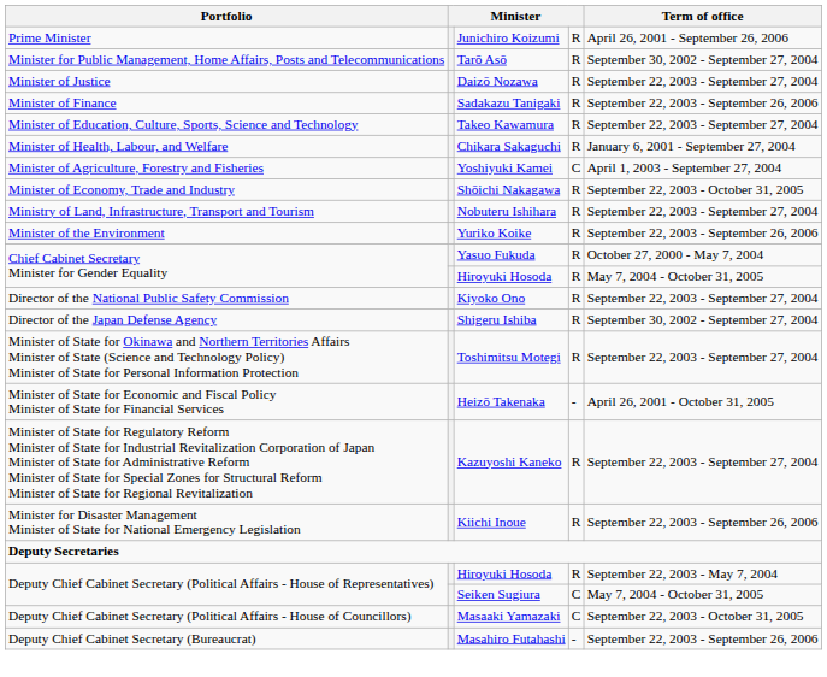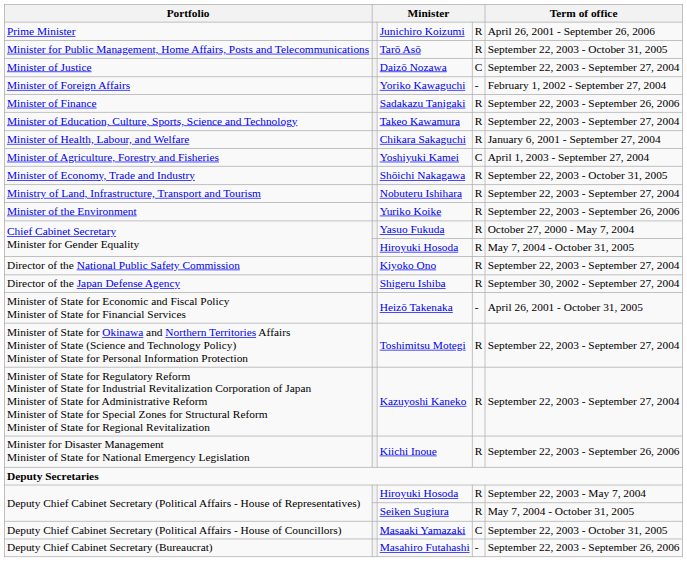 <table class="wikitable">
 <tr>
 <th>Portfolio</th>
 <th colspan=3>Minister</th>
 <th>Term of office</th>
 </tr>
 <tr>
 <td><a href='#'>Prime Minister</a></td>
 <th style="color:inherit;background-color: "></th>
 <td><a href='#'>Junichiro Koizumi</a></td>
 <td>R</td>
 <td>April 26, 2001 - September 26, 2006</td>
 </tr>
 <tr>
 <td><a href='#'>Minister for Public Management, Home Affairs, Posts and Telecommunications</a></td>
 <th style="color:inherit;background-color: "></th>
 <td><a href='#'>Tarō Asō</a></td>
 <td>R</td>
-<td>September 30, 2002 - September 27, 2004</td>
+<td>September 22, 2003 - October 31, 2005</td>
 </tr>
 <tr>
 <td><a href='#'>Minister of Justice</a></td>
 <th style="color:inherit;background-color: "></th>
 <td><a href='#'>Daizō Nozawa</a></td>
-<td>R</td>
+<td>C</td>
 <td>September 22, 2003 - September 27, 2004</td>
+</tr>
+<tr>
+<td><a href='#'>Minister of Foreign Affairs</a></td>
+<th style="color:inherit;background-color: "></th>
+<td><a href='#'>Yoriko Kawaguchi</a></td>
+<td>-</td>
+<td>February 1, 2002 - September 27, 2004</td>
 </tr>
 <tr>
 <td><a href='#'>Minister of Finance</a></td>
 <th style="color:inherit;background-color: "></th>
 <td><a href='#'>Sadakazu Tanigaki</a></td>
 <td>R</td>
 <td>September 22, 2003 - September 26, 2006</td>
 </tr>
 <tr>
 <td><a href='#'>Minister of Education, Culture, Sports, Science and Technology</a></td>
 <th style="color:inherit;background-color: "></th>
 <td><a href='#'>Takeo Kawamura</a></td>
 <td>R</td>
 <td>September 22, 2003 - September 27, 2004</td>
 </tr>
 <tr>
 <td><a href='#'>Minister of Health, Labour, and Welfare</a></td>
 <th style="color:inherit;background-color: "></th>
 <td><a href='#'>Chikara Sakaguchi</a></td>
 <td>R</td>
 <td>January 6, 2001 - September 27, 2004</td>
 </tr>
 <tr>
 <td><a href='#'>Minister of Agriculture, Forestry and Fisheries</a></td>
 <th style="color:inherit;background-color: "></th>
 <td><a href='#'>Yoshiyuki Kamei</a></td>
 <td>C</td>
 <td>April 1, 2003 - September 27, 2004</td>
 </tr>
 <tr>
 <td><a href='#'>Minister of Economy, Trade and Industry</a></td>
 <th style="color:inherit;background-color: "></th>
 <td><a href='#'>Shōichi Nakagawa</a></td>
 <td>R</td>
 <td>September 22, 2003 - October 31, 2005</td>
 </tr>
 <tr>
 <td><a href='#'>Ministry of Land, Infrastructure, Transport and Tourism</a></td>
 <th style="color:inherit;background-color: "></th>
 <td><a href='#'>Nobuteru Ishihara</a></td>
 <td>R</td>
 <td>September 22, 2003 - September 27, 2004</td>
 </tr>
 <tr>
 <td><a href='#'>Minister of the Environment</a></td>
 <th style="color:inherit;background-color: "></th>
 <td><a href='#'>Yuriko Koike</a></td>
 <td>R</td>
 <td>September 22, 2003 - September 26, 2006</td>
 </tr>
 <tr>
 <td rowspan=2><a href='#'>Chief Cabinet Secretary</a> <br>Minister for Gender Equality</td>
 <th style="color:inherit;background-color: "></th>
 <td><a href='#'>Yasuo Fukuda</a></td>
 <td>R</td>
 <td>October 27, 2000 - May 7, 2004</td>
 </tr>
 <tr>
 <th style="color:inherit;background-color: "></th>
 <td><a href='#'>Hiroyuki Hosoda</a></td>
 <td>R</td>
 <td>May 7, 2004 - October 31, 2005</td>
 </tr>
 <tr>
 <td>Director of the <a href='#'>National Public Safety Commission</a></td>
 <th style="color:inherit;background-color: "></th>
 <td><a href='#'>Kiyoko Ono</a></td>
 <td>R</td>
 <td>September 22, 2003 - September 27, 2004</td>
 </tr>
 <tr>
 <td>Director of the <a href='#'>Japan Defense Agency</a></td>
 <th style="color:inherit;background-color: "></th>
 <td><a href='#'>Shigeru Ishiba</a></td>
 <td>R</td>
 <td>September 30, 2002 - September 27, 2004</td>
 </tr>
 <tr>
+<td>Minister of State for Economic and Fiscal Policy <br>Minister of State for Financial Services</td>
+<th style="color:inherit;background-color: "></th>
+<td><a href='#'>Heizō Takenaka</a></td>
+<td>-</td>
+<td>April 26, 2001 - October 31, 2005</td>
+</tr>
+<tr>
 <td>Minister of State for <a href='#'>Okinawa</a> and <a href='#'>Northern Territories</a> Affairs <br>Minister of State (Science and Technology Policy) <br>Minister of State for Personal Information Protection</td>
 <th style="color:inherit;background-color: "></th>
 <td><a href='#'>Toshimitsu Motegi</a></td>
 <td>R</td>
 <td>September 22, 2003 - September 27, 2004</td>
-</tr>
-<tr>
-<td>Minister of State for Economic and Fiscal Policy <br>Minister of State for Financial Services</td>
-<th style="color:inherit;background-color: "></th>
-<td><a href='#'>Heizō Takenaka</a></td>
-<td>-</td>
-<td>April 26, 2001 - October 31, 2005</td>
 </tr>
 <tr>
 <td>Minister of State for Regulatory Reform <br>Minister of State for Industrial Revitalization Corporation of Japan <br>Minister of State for Administrative Reform <br>Minister of State for Special Zones for Structural Reform <br>Minister of State for Regional Revitalization</td>
 <th style="color:inherit;background-color: "></th>
 <td><a href='#'>Kazuyoshi Kaneko</a></td>
 <td>R</td>
 <td>September 22, 2003 - September 27, 2004</td>
 </tr>
 <tr>
 <td>Minister for Disaster Management <br>Minister of State for National Emergency Legislation</td>
 <th style="color:inherit;background-color: "></th>
 <td><a href='#'>Kiichi Inoue</a></td>
 <td>R</td>
 <td>September 22, 2003 - September 26, 2006</td>
 </tr>
 <tr>
 <td colspan=5><strong>Deputy Secretaries</strong></td>
 </tr>
 <tr>
 <td rowspan=2>Deputy Chief Cabinet Secretary (Political Affairs - House of Representatives)</td>
 <th style="color:inherit;background-color: "></th>
 <td><a href='#'>Hiroyuki Hosoda</a></td>
 <td>R</td>
 <td>September 22, 2003 - May 7, 2004</td>
 </tr>
 <tr>
 <th style="color:inherit;background-color: "></th>
 <td><a href='#'>Seiken Sugiura</a></td>
-<td>C</td>
+<td>R</td>
 <td>May 7, 2004 - October 31, 2005</td>
 </tr>
 <tr>
 <td>Deputy Chief Cabinet Secretary (Political Affairs - House of Councillors)</td>
 <th style="color:inherit;background-color: "></th>
 <td><a href='#'>Masaaki Yamazaki</a></td>
 <td>C</td>
 <td>September 22, 2003 - October 31, 2005</td>
 </tr>
 <tr>
 <td>Deputy Chief Cabinet Secretary (Bureaucrat)</td>
 <th style="color:inherit;background-color: "></th>
 <td><a href='#'>Masahiro Futahashi</a></td>
 <td>-</td>
 <td>September 22, 2003 - September 26, 2006</td>
 </tr>
 </table>
